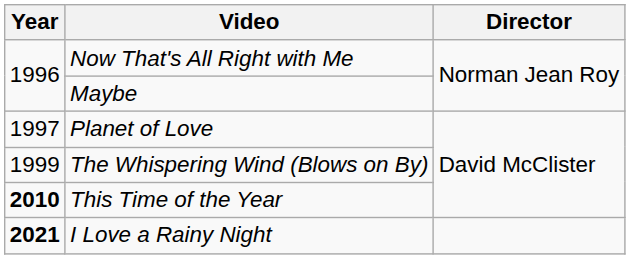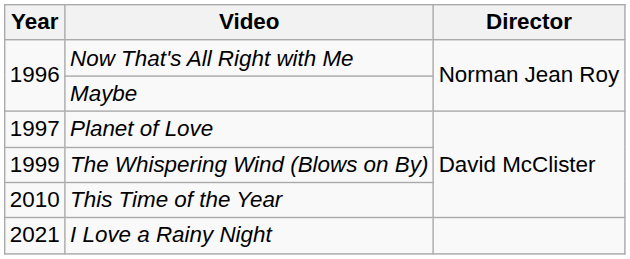 <table class="wikitable">
 <tr>
 <th>Year</th>
 <th>Video</th>
 <th>Director</th>
 </tr>
 <tr>
 <td rowspan="2">1996</td>
 <td><em>Now That's All Right with Me</em></td>
 <td rowspan="2">Norman Jean Roy</td>
 </tr>
 <tr>
 <td><em>Maybe</em></td>
 </tr>
 <tr>
 <td>1997</td>
 <td><em>Planet of Love</em></td>
 <td rowspan="3">David McClister</td>
 </tr>
 <tr>
 <td>1999</td>
 <td><em>The Whispering Wind (Blows on By)</em></td>
 </tr>
 <tr>
-<td><strong>2010</strong></td>
+<td>2010</td>
 <td><em>This Time of the Year</em></td>
 </tr>
 <tr>
-<td><strong>2021</strong></td>
+<td>2021</td>
 <td><em>I Love a Rainy Night</em></td>
 </tr>
 </table>
